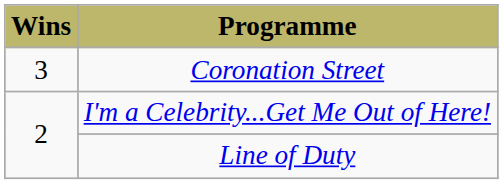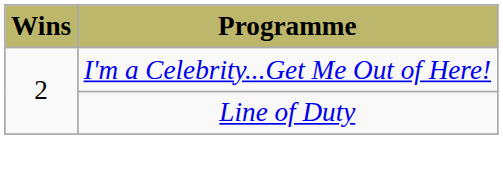 <table class="wikitable" style="text-align:center;">
 <tr>
 <th style="background:#BDB76B;">Wins</th>
 <th style="background:#BDB76B;">Programme</th>
-</tr>
-<tr>
-<td>3</td>
-<td><em><a href='#'>Coronation Street</a></em></td>
 </tr>
 <tr>
 <td rowspan="2">2</td>
 <td><em><a href='#'>I'm a Celebrity...Get Me Out of Here!</a></em></td>
 </tr>
 <tr>
 <td><em><a href='#'>Line of Duty</a></em></td>
 </tr>
 </table>
